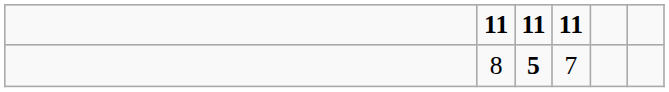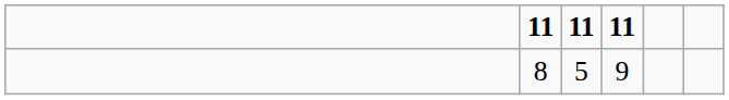 <table class="wikitable">
 <tr>
 <td style="width:18em"></td>
 <td align=center style="width:1em"><strong>11</strong></td>
 <td align=center style="width:1em"><strong>11</strong></td>
 <td align=center style="width:1em"><strong>11</strong></td>
 <td align=center style="width:1em"></td>
 <td align=center style="width:1em"></td>
 </tr>
 <tr>
 <td style="width:18em"></td>
 <td align=center style="width:1em">8</td>
-<td align=center style="width:1em"><strong>5</strong></td>
-<td align=center style="width:1em">7</td>
+<td align=center style="width:1em">5</td>
+<td align=center style="width:1em">9</td>
 <td align=center style="width:1em"></td>
 <td align=center style="width:1em"></td>
 </tr>
 </table>
